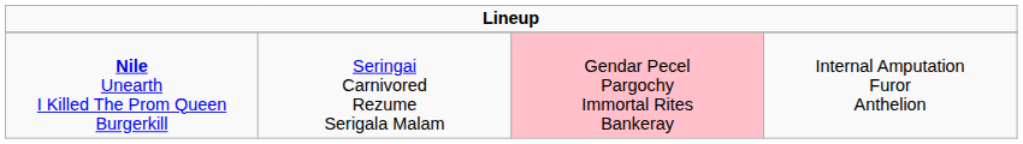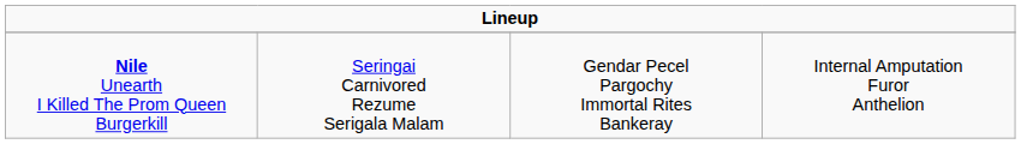 <table class="wikitable">
 <tr>
 <td colspan="4" align="center"><strong>Lineup</strong></td>
 </tr>
 <tr>
 </tr>
 <tr>
 <td valign="top" align="center" width=226><br><strong><a href='#'>Nile</a></strong><br> <a href='#'>Unearth</a><br> <a href='#'>I Killed The Prom Queen</a><br> <a href='#'>Burgerkill</a><br></td>
 <td valign="top" align="center" width=226><br><a href='#'>Seringai</a><br> Carnivored<br> Rezume<br> Serigala Malam<br></td>
-<td valign="top" align="center" width=226 style="background: pink;"><br>Gendar Pecel<br> Pargochy<br> Immortal Rites<br> Bankeray<br></td>
+<td valign="top" align="center" width=226><br>Gendar Pecel<br> Pargochy<br> Immortal Rites<br> Bankeray<br></td>
 <td valign="top" align="center" width=226><br>Internal Amputation<br> Furor<br> Anthelion<br></td>
 </tr>
 </table>
